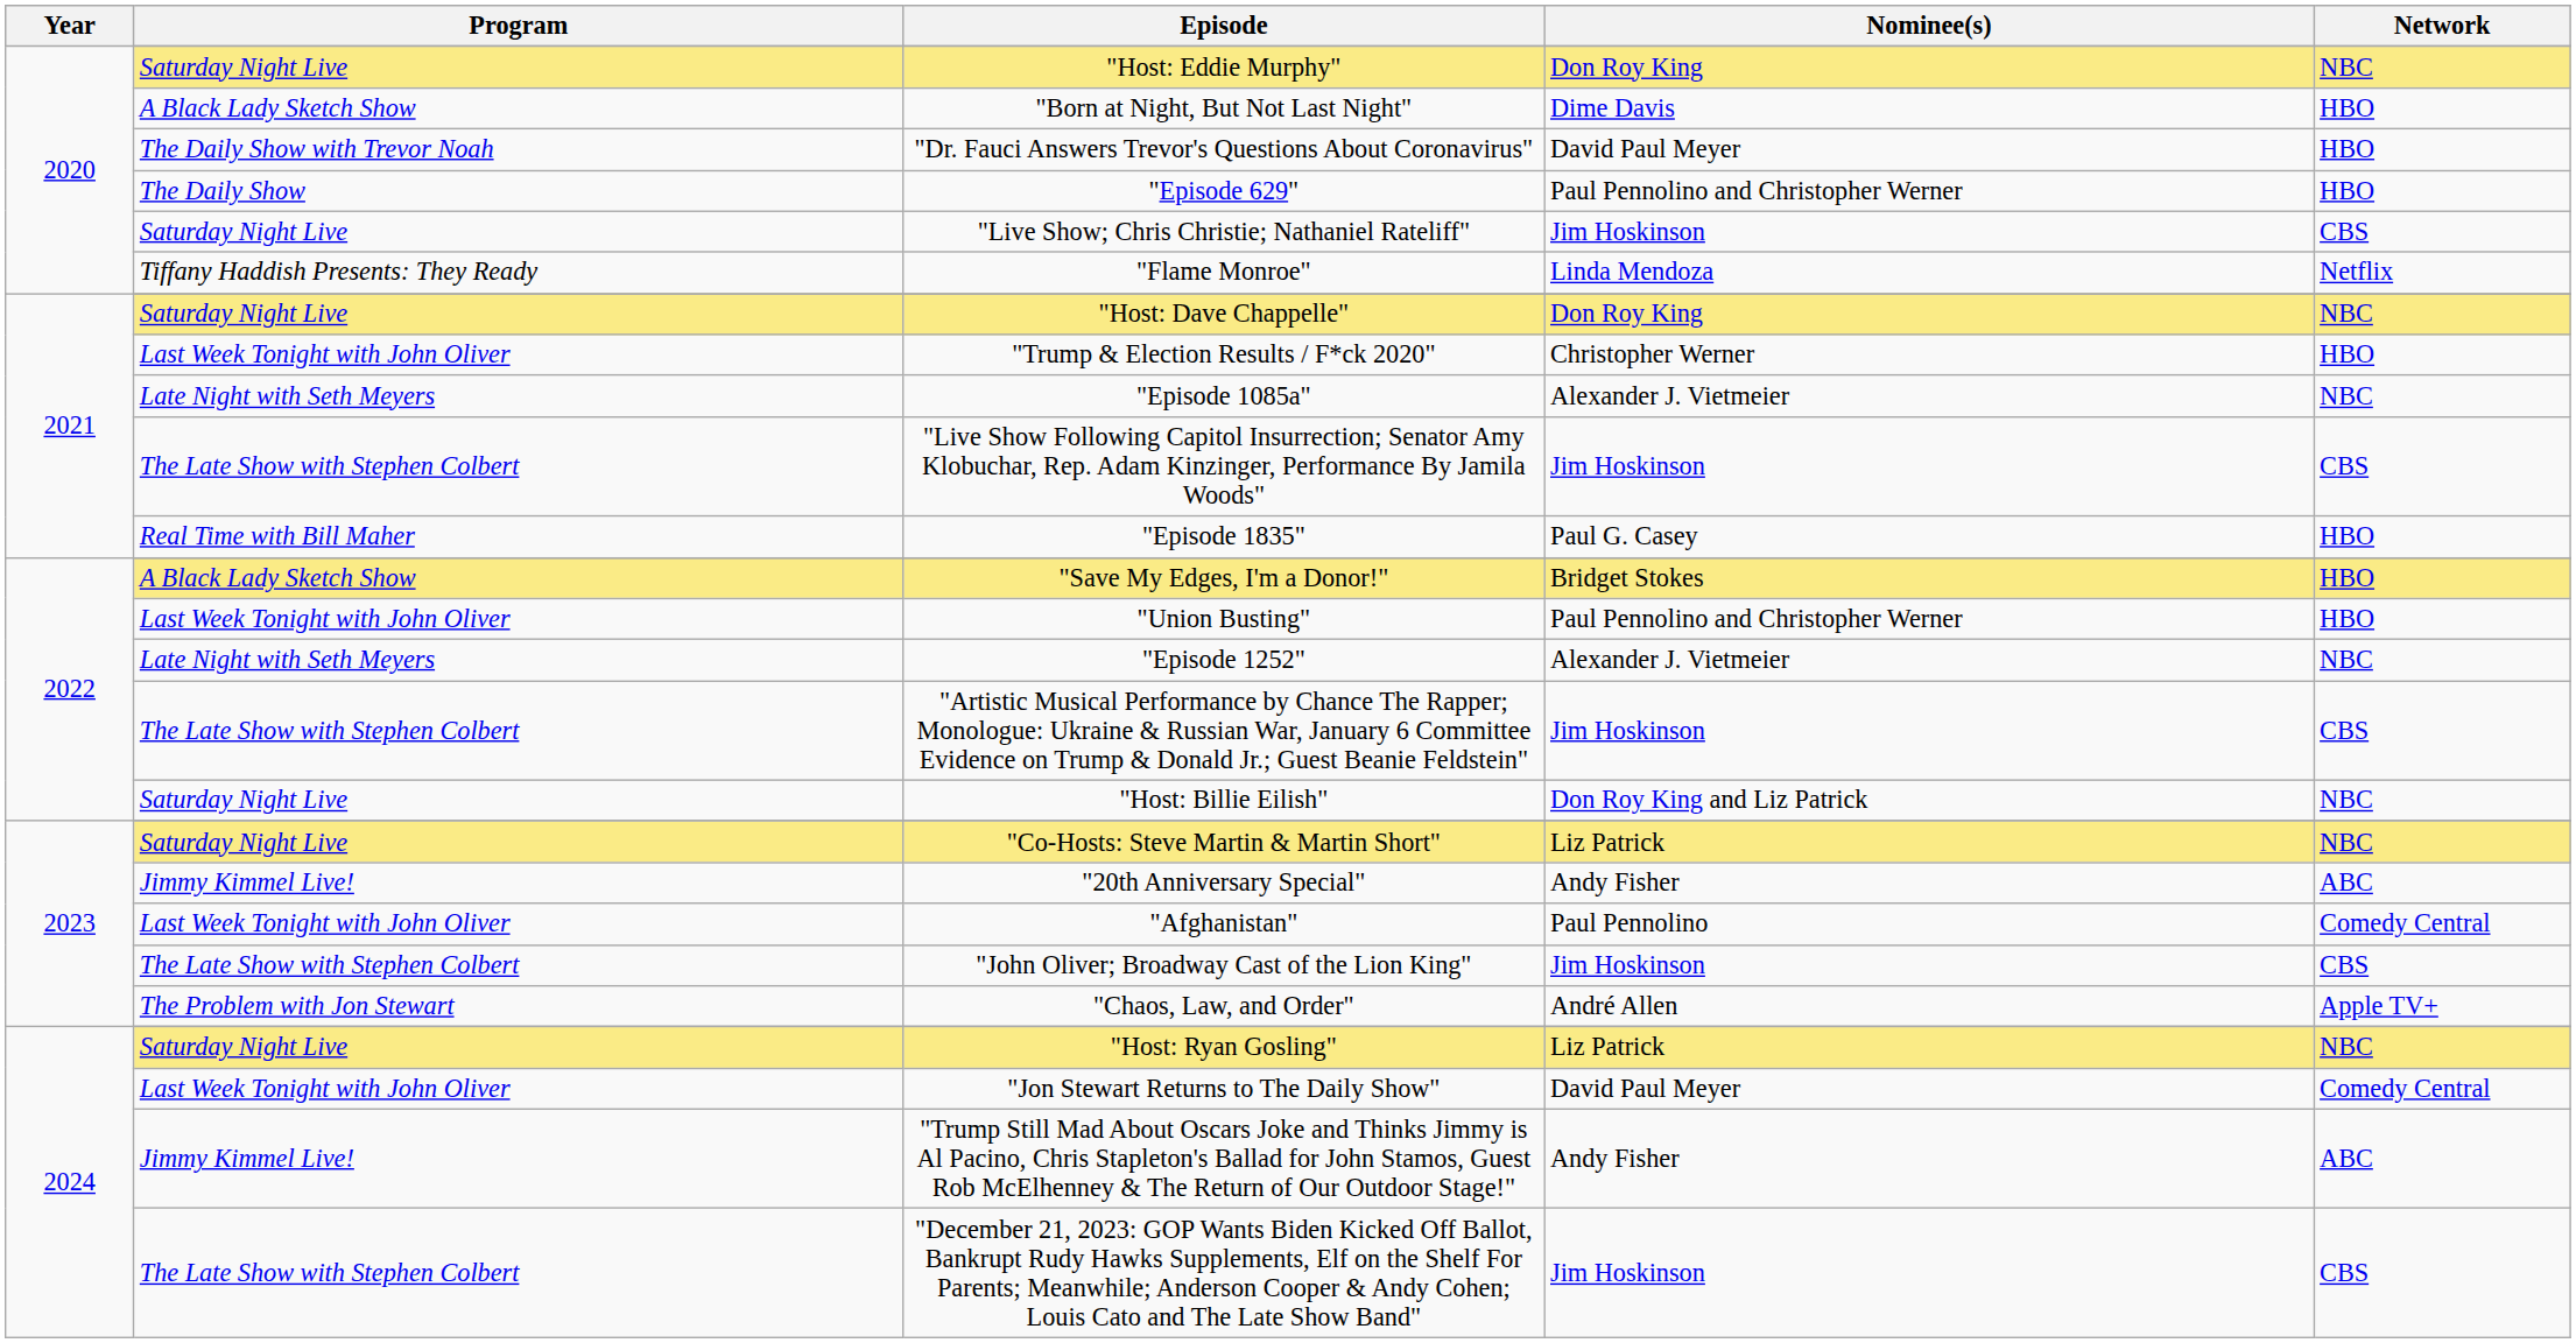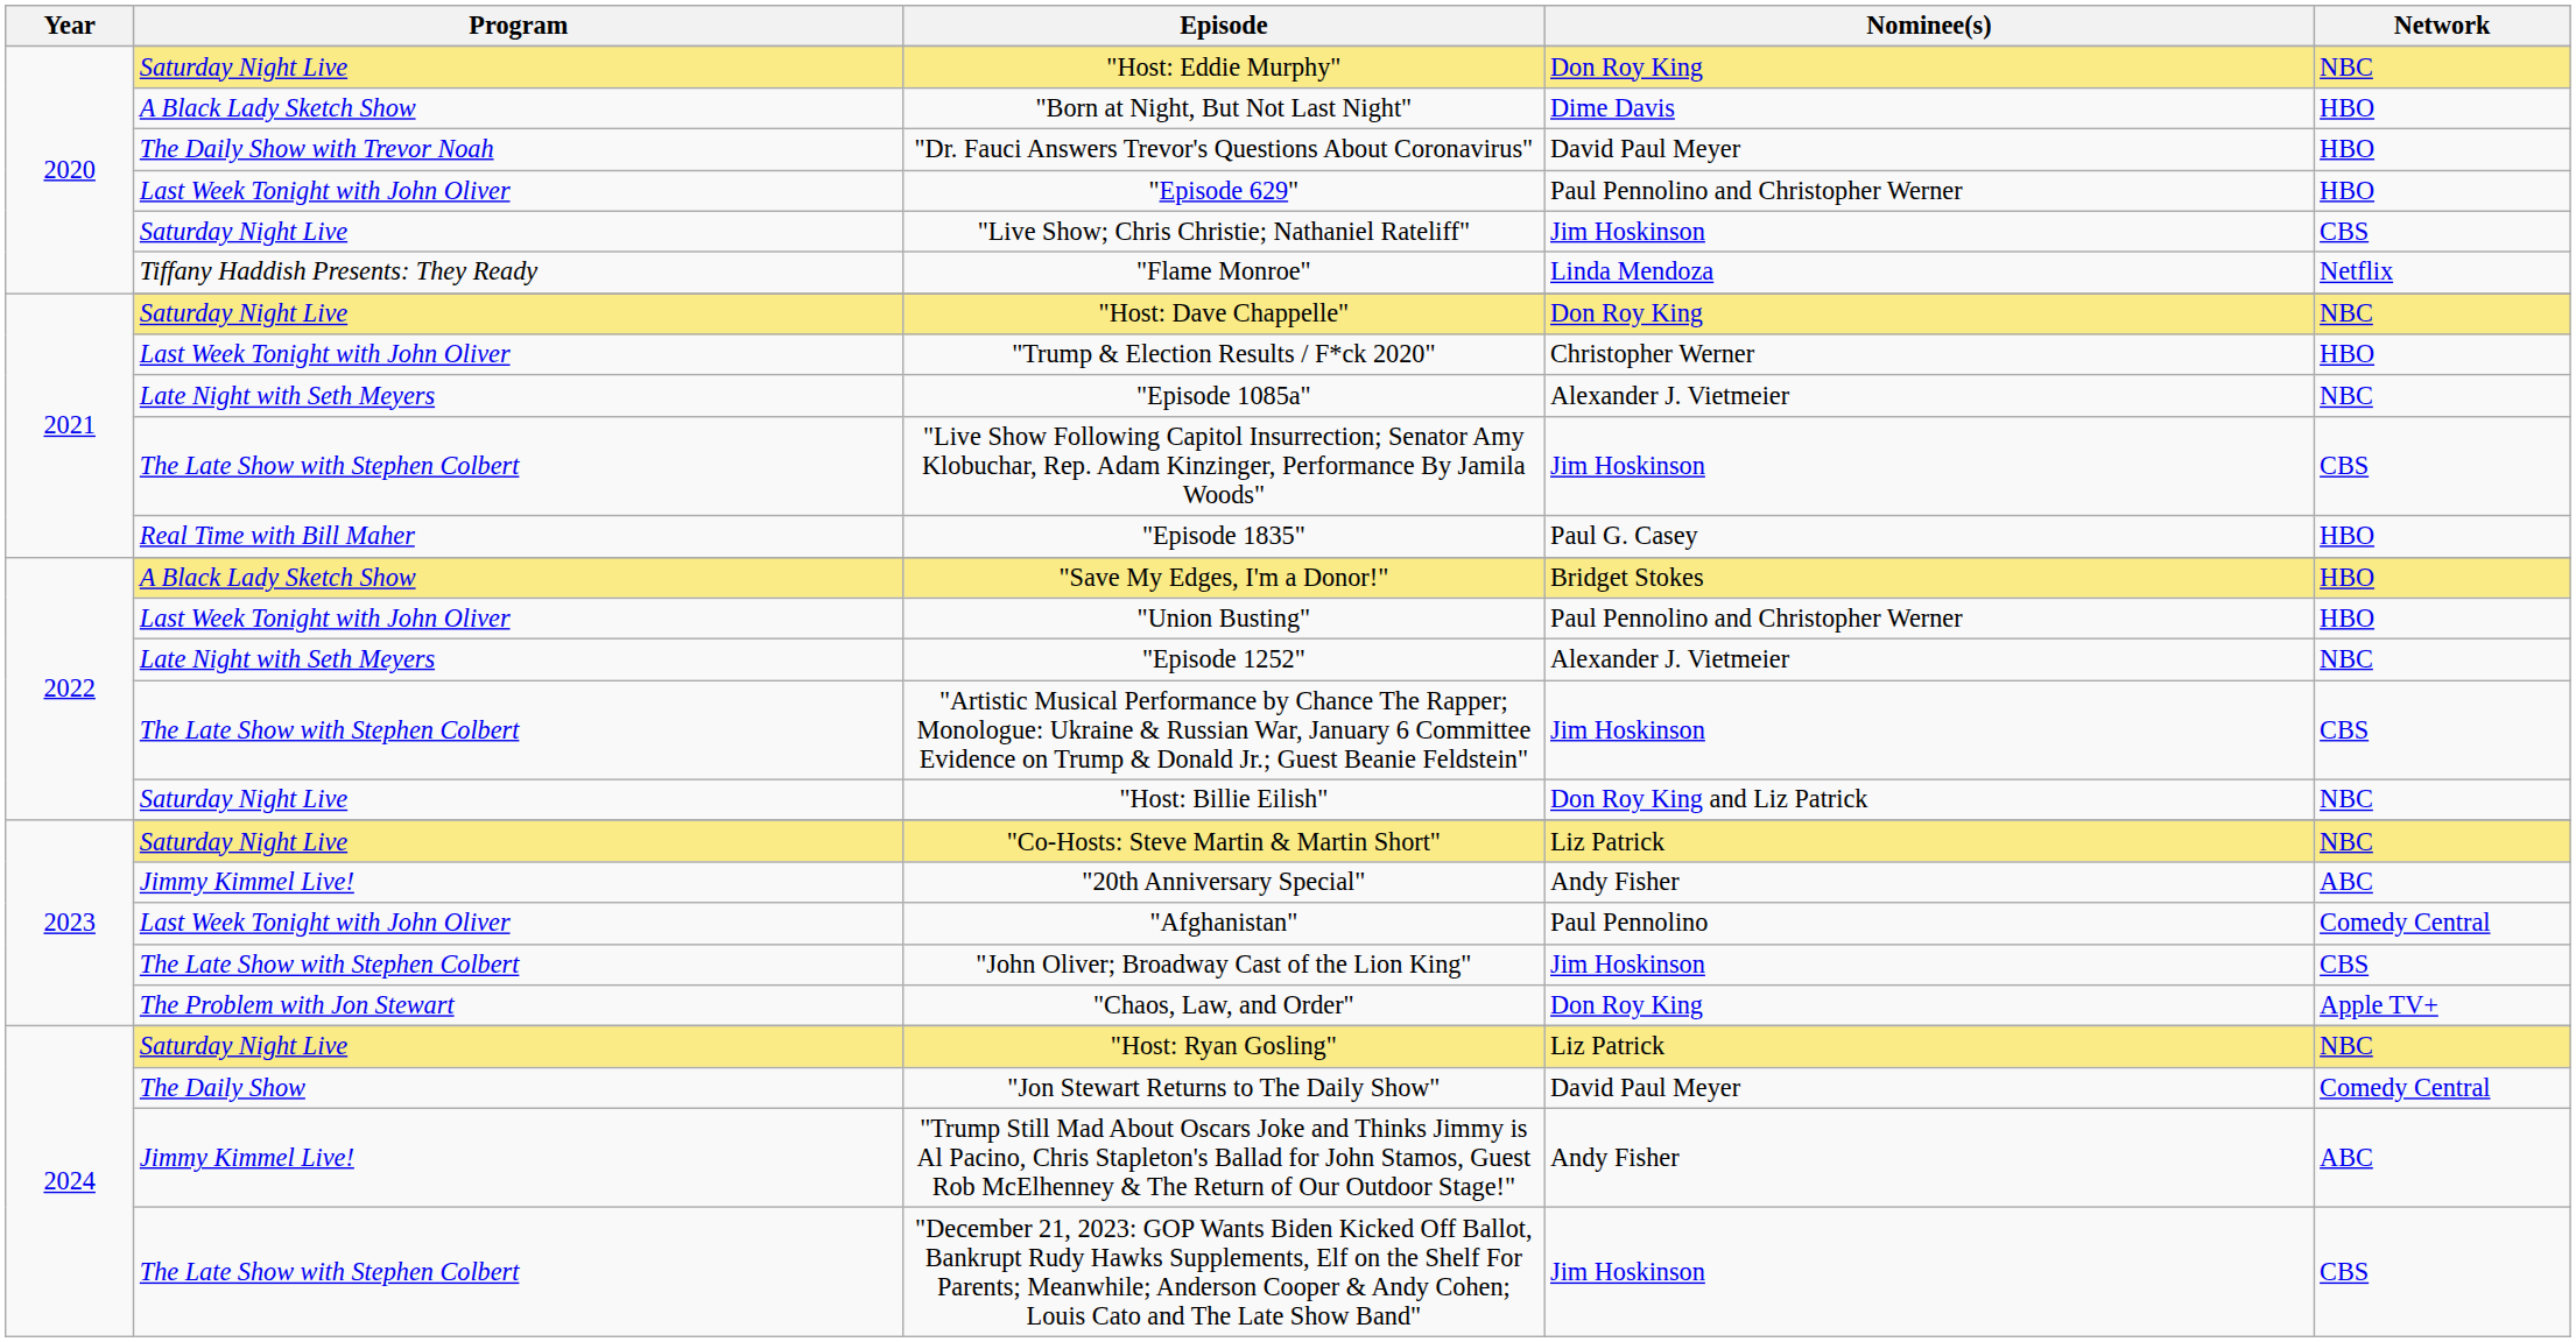 <table class="wikitable" style="width:100%">
 <tr bgcolor="#bebebe">
 <th width="5%">Year</th>
 <th width="30%">Program</th>
 <th width="25%">Episode</th>
 <th width="30%">Nominee(s)</th>
 <th width="10%">Network</th>
 </tr>
 <tr>
 <td rowspan="7" style="text-align:center;"><a href='#'>2020</a><br></td>
 </tr>
 <tr style="background:#FAEB86;">
 <td><em><a href='#'>Saturday Night Live</a></em></td>
 <td align=center>"Host: Eddie Murphy"</td>
 <td><a href='#'>Don Roy King</a></td>
 <td><a href='#'>NBC</a></td>
 </tr>
 <tr>
 <td><em><a href='#'>A Black Lady Sketch Show</a></em></td>
 <td align=center>"Born at Night, But Not Last Night"</td>
 <td><a href='#'>Dime Davis</a></td>
 <td><a href='#'>HBO</a></td>
 </tr>
 <tr>
 <td><em><a href='#'>The Daily Show with Trevor Noah</a></em></td>
 <td align=center>"Dr. Fauci Answers Trevor's Questions About Coronavirus"</td>
 <td>David Paul Meyer</td>
 <td><a href='#'>HBO</a></td>
 </tr>
 <tr>
-<td><em><a href='#'>The Daily Show</a></em></td>
+<td><em><a href='#'>Last Week Tonight with John Oliver</a></em></td>
 <td align=center>"<a href='#'>Episode 629</a>"</td>
 <td>Paul Pennolino and Christopher Werner</td>
 <td><a href='#'>HBO</a></td>
 </tr>
 <tr>
 <td><em><a href='#'>Saturday Night Live</a></em></td>
 <td align=center>"Live Show; Chris Christie; Nathaniel Rateliff"</td>
 <td><a href='#'>Jim Hoskinson</a></td>
 <td><a href='#'>CBS</a></td>
 </tr>
 <tr>
 <td><em>Tiffany Haddish Presents: They Ready</em></td>
 <td align=center>"Flame Monroe"</td>
 <td><a href='#'>Linda Mendoza</a></td>
 <td><a href='#'>Netflix</a></td>
 </tr>
 <tr>
 <td rowspan="6" style="text-align:center;"><a href='#'>2021</a><br></td>
 </tr>
 <tr style="background:#FAEB86;">
 <td><em><a href='#'>Saturday Night Live</a></em></td>
 <td align=center>"Host: Dave Chappelle"</td>
 <td><a href='#'>Don Roy King</a></td>
 <td><a href='#'>NBC</a></td>
 </tr>
 <tr>
 <td><em><a href='#'>Last Week Tonight with John Oliver</a></em></td>
 <td align=center>"Trump & Election Results / F*ck 2020"</td>
 <td>Christopher Werner</td>
 <td><a href='#'>HBO</a></td>
 </tr>
 <tr>
 <td><em><a href='#'>Late Night with Seth Meyers</a></em></td>
 <td align=center>"Episode 1085a"</td>
 <td>Alexander J. Vietmeier</td>
 <td><a href='#'>NBC</a></td>
 </tr>
 <tr>
 <td><em><a href='#'>The Late Show with Stephen Colbert</a></em></td>
 <td align=center>"Live Show Following Capitol Insurrection; Senator Amy Klobuchar, Rep. Adam Kinzinger, Performance By Jamila Woods"</td>
 <td><a href='#'>Jim Hoskinson</a></td>
 <td><a href='#'>CBS</a></td>
 </tr>
 <tr>
 <td><em><a href='#'>Real Time with Bill Maher</a></em></td>
 <td align=center>"Episode 1835"</td>
 <td>Paul G. Casey</td>
 <td><a href='#'>HBO</a></td>
 </tr>
 <tr>
 <td rowspan="6" style="text-align:center;"><a href='#'>2022</a><br></td>
 </tr>
 <tr style="background:#FAEB86;">
 <td><em><a href='#'>A Black Lady Sketch Show</a></em></td>
 <td align=center>"Save My Edges, I'm a Donor!"</td>
 <td>Bridget Stokes</td>
 <td><a href='#'>HBO</a></td>
 </tr>
 <tr>
 <td><em><a href='#'>Last Week Tonight with John Oliver</a></em></td>
 <td align=center>"Union Busting"</td>
 <td>Paul Pennolino and Christopher Werner</td>
 <td><a href='#'>HBO</a></td>
 </tr>
 <tr>
 <td><em><a href='#'>Late Night with Seth Meyers</a></em></td>
 <td align=center>"Episode 1252"</td>
 <td>Alexander J. Vietmeier</td>
 <td><a href='#'>NBC</a></td>
 </tr>
 <tr>
 <td><em><a href='#'>The Late Show with Stephen Colbert</a></em></td>
 <td align=center>"Artistic Musical Performance by Chance The Rapper; Monologue: Ukraine & Russian War, January 6 Committee Evidence on Trump & Donald Jr.; Guest Beanie Feldstein"</td>
 <td><a href='#'>Jim Hoskinson</a></td>
 <td><a href='#'>CBS</a></td>
 </tr>
 <tr>
 <td><em><a href='#'>Saturday Night Live</a></em></td>
 <td align=center>"Host: Billie Eilish"</td>
 <td><a href='#'>Don Roy King</a> and Liz Patrick</td>
 <td><a href='#'>NBC</a></td>
 </tr>
 <tr>
 <td rowspan="6" style="text-align:center;"><a href='#'>2023</a><br></td>
 </tr>
 <tr style="background:#FAEB86;">
 <td><em><a href='#'>Saturday Night Live</a></em></td>
 <td align=center>"Co-Hosts: Steve Martin & Martin Short"</td>
 <td>Liz Patrick</td>
 <td><a href='#'>NBC</a></td>
 </tr>
 <tr>
 <td><em><a href='#'>Jimmy Kimmel Live!</a></em></td>
 <td align=center>"20th Anniversary Special"</td>
 <td>Andy Fisher</td>
 <td><a href='#'>ABC</a></td>
 </tr>
 <tr>
 <td><em><a href='#'>Last Week Tonight with John Oliver</a></em></td>
 <td align=center>"Afghanistan"</td>
 <td>Paul Pennolino</td>
 <td><a href='#'>Comedy Central</a></td>
 </tr>
 <tr>
 <td><em><a href='#'>The Late Show with Stephen Colbert</a></em></td>
 <td align=center>"John Oliver; Broadway Cast of the Lion King"</td>
 <td><a href='#'>Jim Hoskinson</a></td>
 <td><a href='#'>CBS</a></td>
 </tr>
 <tr>
 <td><em><a href='#'>The Problem with Jon Stewart</a></em></td>
 <td align=center>"Chaos, Law, and Order"</td>
-<td>André Allen</td>
+<td><a href='#'>Don Roy King</a></td>
 <td><a href='#'>Apple TV+</a></td>
 </tr>
 <tr>
 <td rowspan="5" style="text-align:center;"><a href='#'>2024</a><br></td>
 </tr>
 <tr style="background:#FAEB86;">
 <td><em><a href='#'>Saturday Night Live</a></em></td>
 <td align=center>"Host: Ryan Gosling"</td>
 <td>Liz Patrick</td>
 <td><a href='#'>NBC</a></td>
 </tr>
 <tr>
-<td><em><a href='#'>Last Week Tonight with John Oliver</a></em></td>
+<td><em><a href='#'>The Daily Show</a></em></td>
 <td align=center>"Jon Stewart Returns to The Daily Show"</td>
 <td>David Paul Meyer</td>
 <td><a href='#'>Comedy Central</a></td>
 </tr>
 <tr>
 <td><em><a href='#'>Jimmy Kimmel Live!</a></em></td>
 <td align=center>"Trump Still Mad About Oscars Joke and Thinks Jimmy is Al Pacino, Chris Stapleton's Ballad for John Stamos, Guest Rob McElhenney & The Return of Our Outdoor Stage!"</td>
 <td>Andy Fisher</td>
 <td><a href='#'>ABC</a></td>
 </tr>
 <tr>
 <td><em><a href='#'>The Late Show with Stephen Colbert</a></em></td>
 <td align=center>"December 21, 2023: GOP Wants Biden Kicked Off Ballot, Bankrupt Rudy Hawks Supplements, Elf on the Shelf For Parents; Meanwhile; Anderson Cooper & Andy Cohen; Louis Cato and The Late Show Band"</td>
 <td><a href='#'>Jim Hoskinson</a></td>
 <td><a href='#'>CBS</a></td>
 </tr>
 </table>
